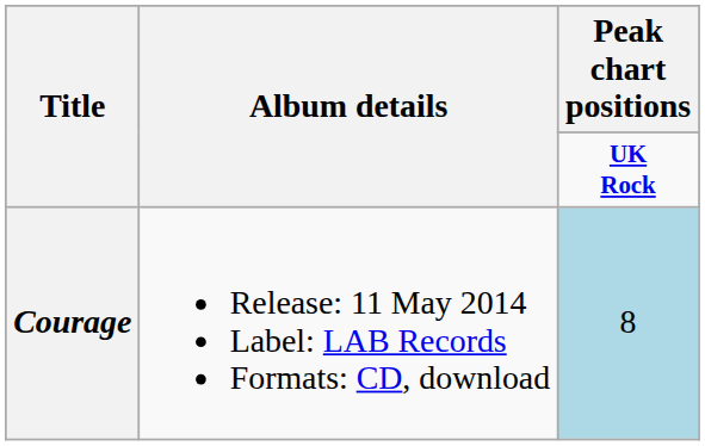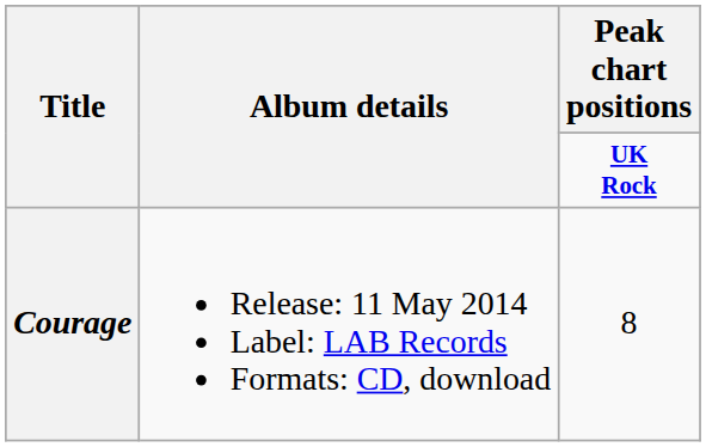 <table class="wikitable plainrowheaders">
 <tr>
 <th rowspan=2>Title</th>
 <th rowspan=2>Album details</th>
 <th>Peak chart positions</th>
 </tr>
 <tr>
 <td style="width:3em;font-size:75%;text-align:center;"><strong><a href='#'>UK<br>Rock</a></strong></td>
 </tr>
 <tr>
 <th scope="row"><em>Courage</em></th>
 <td><br><ul><li>Release: 11 May 2014</li><li>Label: <a href='#'>LAB Records</a></li><li>Formats: <a href='#'>CD</a>, download</li></ul></td>
-<td style="background: lightblue; text-align:center;">8</td>
+<td style="text-align:center;">8</td>
 </tr>
 </table>
